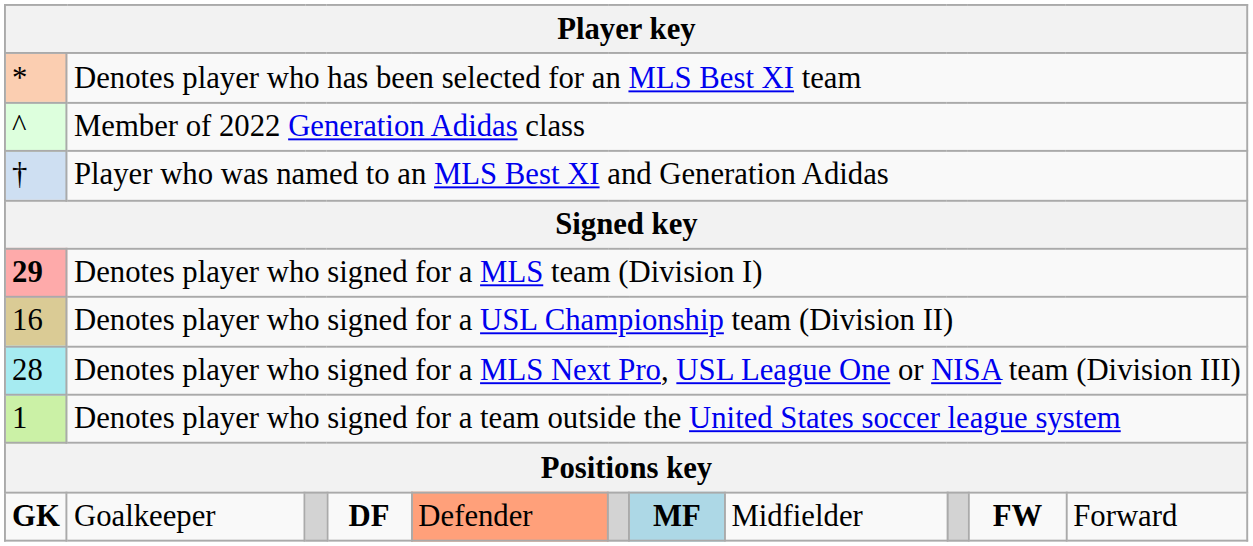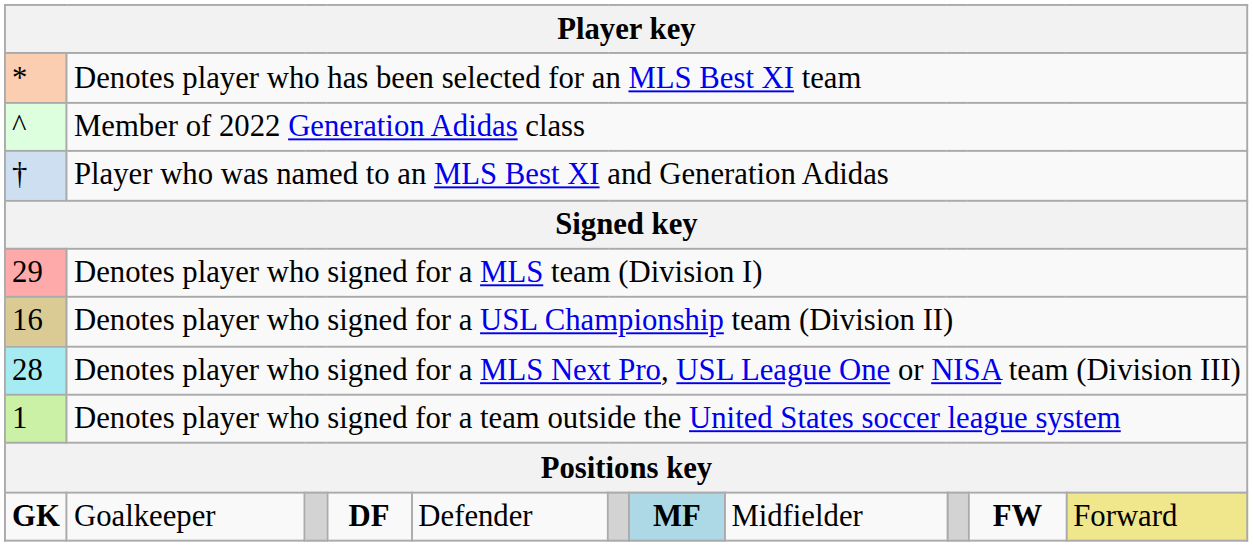 <table class="wikitable">
 <tr>
 <th colspan="11">Player key</th>
 </tr>
 <tr>
 <td scope="row" style="background:#FBCEB1;">*</td>
 <td colspan="11">Denotes player who has been selected for an <a href='#'>MLS Best XI</a> team</td>
 </tr>
 <tr>
 <td scope="row" style="background:#ddffdd;">^</td>
 <td colspan="11">Member of 2022 <a href='#'>Generation Adidas</a> class</td>
 </tr>
 <tr>
 <td scope="row" style="background:#cedff2;">†</td>
 <td colspan="11">Player who was named to an <a href='#'>MLS Best XI</a> and Generation Adidas</td>
 </tr>
 <tr>
 <th colspan="11">Signed key</th>
 </tr>
 <tr>
-<td scope="row" style="background:#FEAAAA;"><strong>29</strong></td>
+<td scope="row" style="background:#FEAAAA;">29</td>
 <td colspan="11">Denotes player who signed for a <a href='#'>MLS</a> team (Division I)</td>
 </tr>
 <tr>
 <td scope="row" style="background:#DACB95;">16</td>
 <td colspan="11">Denotes player who signed for a <a href='#'>USL Championship</a> team (Division II)</td>
 </tr>
 <tr>
 <td scope="row" style="background:#A6EBF1;">28</td>
 <td colspan="11">Denotes player who signed for a <a href='#'>MLS Next Pro</a>, <a href='#'>USL League One</a> or <a href='#'>NISA</a> team (Division III)</td>
 </tr>
 <tr>
 <td scope="row" style="background:#CBF1A6;">1</td>
 <td colspan="11">Denotes player who signed for a team outside the <a href='#'>United States soccer league system</a></td>
 </tr>
 <tr>
 <th colspan="11">Positions key</th>
 </tr>
 <tr>
 <td style="text-align:center;"><strong>GK</strong></td>
 <td style="text-align:left;">Goalkeeper</td>
 <td style="background-color:lightgrey;"></td>
 <td style="text-align:center;"><strong>DF</strong></td>
-<td style="background: lightsalmon; text-align:left;">Defender</td>
+<td style="text-align:left;">Defender</td>
 <td style="background-color:lightgrey;"></td>
 <td style="background: lightblue; text-align:center;"><strong>MF</strong></td>
 <td style="text-align:left;">Midfielder</td>
 <td style="background-color:lightgrey;"></td>
 <td style="text-align:center;"><strong>FW</strong></td>
-<td style="text-align:left;">Forward</td>
+<td style="background: khaki; text-align:left;">Forward</td>
 </tr>
 </table>
